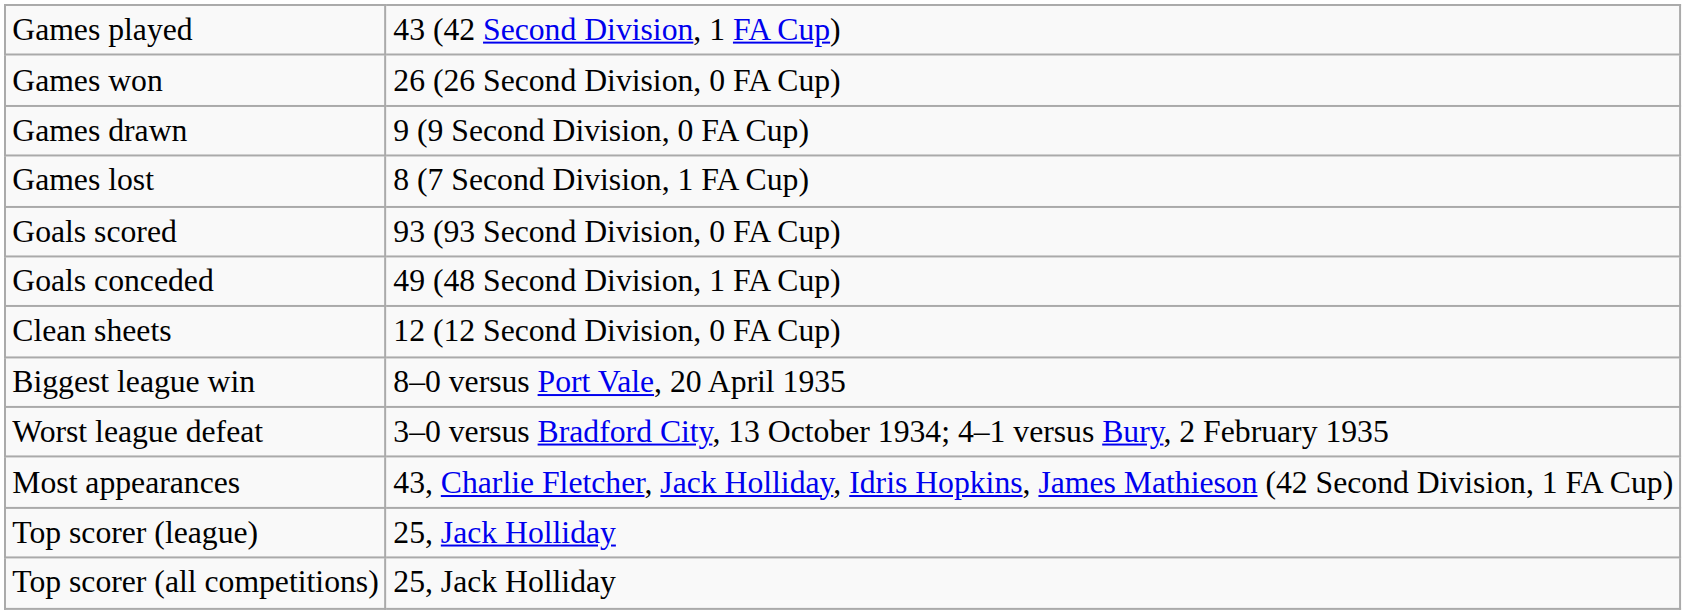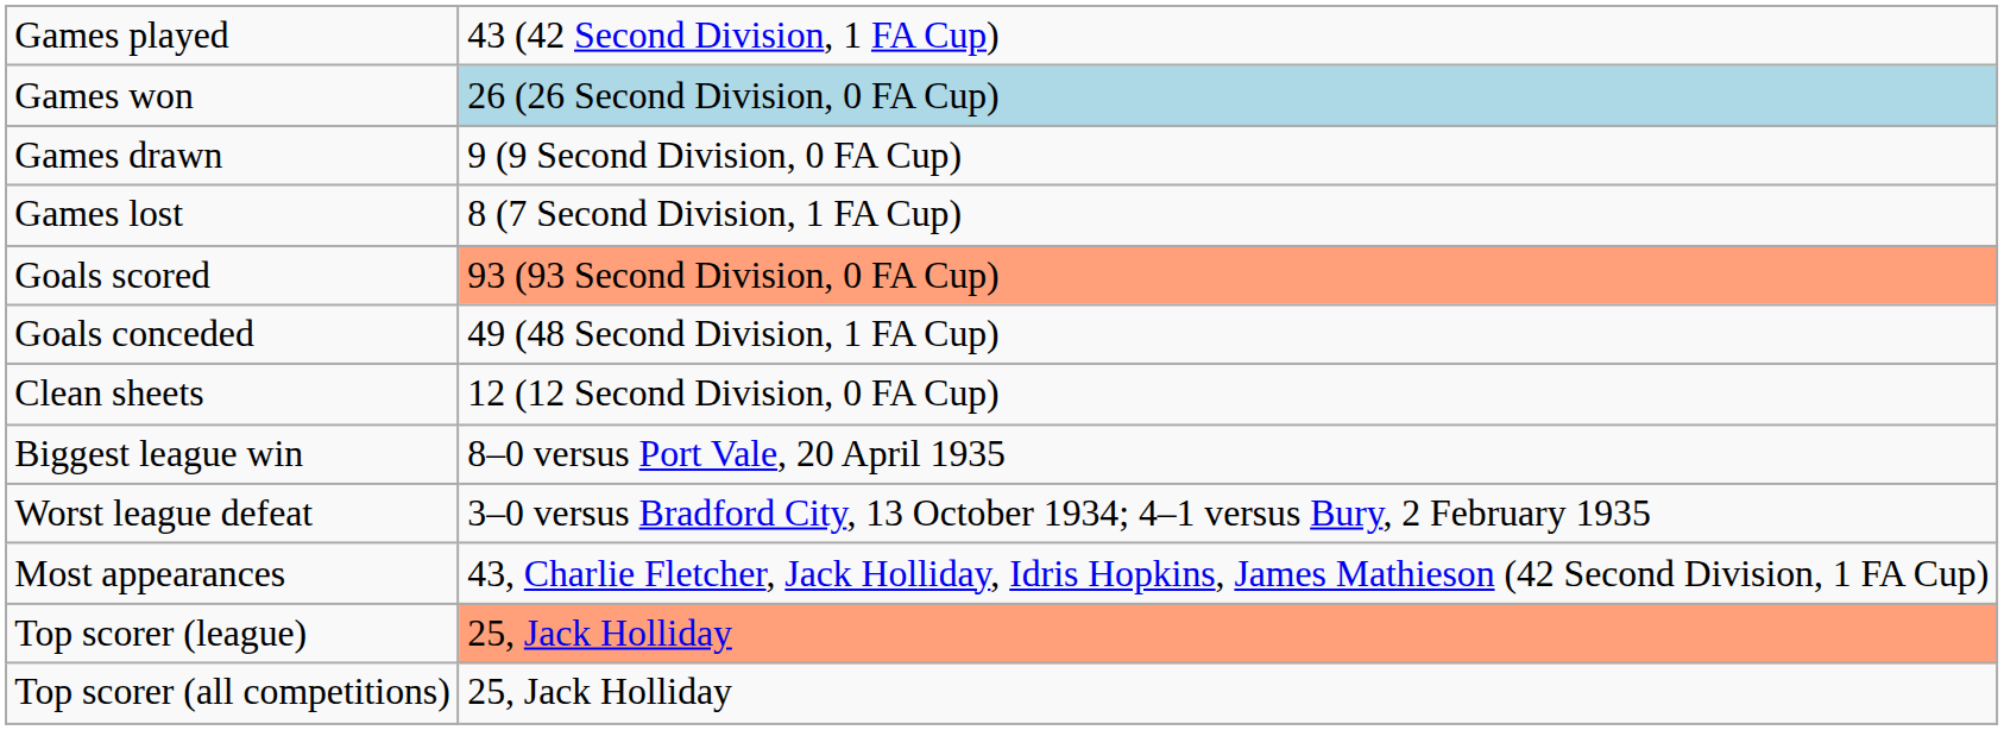 <table class="wikitable">
 <tr>
 <td>Games played</td>
 <td>43 (42 <a href='#'>Second Division</a>, 1 <a href='#'>FA Cup</a>)</td>
 </tr>
 <tr>
 <td>Games won</td>
-<td>26 (26 Second Division, 0 FA Cup)</td>
+<td style="background: lightblue;">26 (26 Second Division, 0 FA Cup)</td>
 </tr>
 <tr>
 <td>Games drawn</td>
 <td>9 (9 Second Division, 0 FA Cup)</td>
 </tr>
 <tr>
 <td>Games lost</td>
 <td>8 (7 Second Division, 1 FA Cup)</td>
 </tr>
 <tr>
 <td>Goals scored</td>
-<td>93 (93 Second Division, 0 FA Cup)</td>
+<td style="background: lightsalmon;">93 (93 Second Division, 0 FA Cup)</td>
 </tr>
 <tr>
 <td>Goals conceded</td>
 <td>49 (48 Second Division, 1 FA Cup)</td>
 </tr>
 <tr>
 <td>Clean sheets</td>
 <td>12 (12 Second Division, 0 FA Cup)</td>
 </tr>
 <tr>
 <td>Biggest league win</td>
 <td>8–0 versus <a href='#'>Port Vale</a>, 20 April 1935</td>
 </tr>
 <tr>
 <td>Worst league defeat</td>
 <td>3–0 versus <a href='#'>Bradford City</a>, 13 October 1934; 4–1 versus <a href='#'>Bury</a>, 2 February 1935</td>
 </tr>
 <tr>
 <td>Most appearances</td>
 <td>43, <a href='#'>Charlie Fletcher</a>, <a href='#'>Jack Holliday</a>, <a href='#'>Idris Hopkins</a>, <a href='#'>James Mathieson</a> (42 Second Division, 1 FA Cup)</td>
 </tr>
 <tr>
 <td>Top scorer (league)</td>
-<td>25, <a href='#'>Jack Holliday</a></td>
+<td style="background: lightsalmon;">25, <a href='#'>Jack Holliday</a></td>
 </tr>
 <tr>
 <td>Top scorer (all competitions)</td>
 <td>25, Jack Holliday</td>
 </tr>
 </table>
